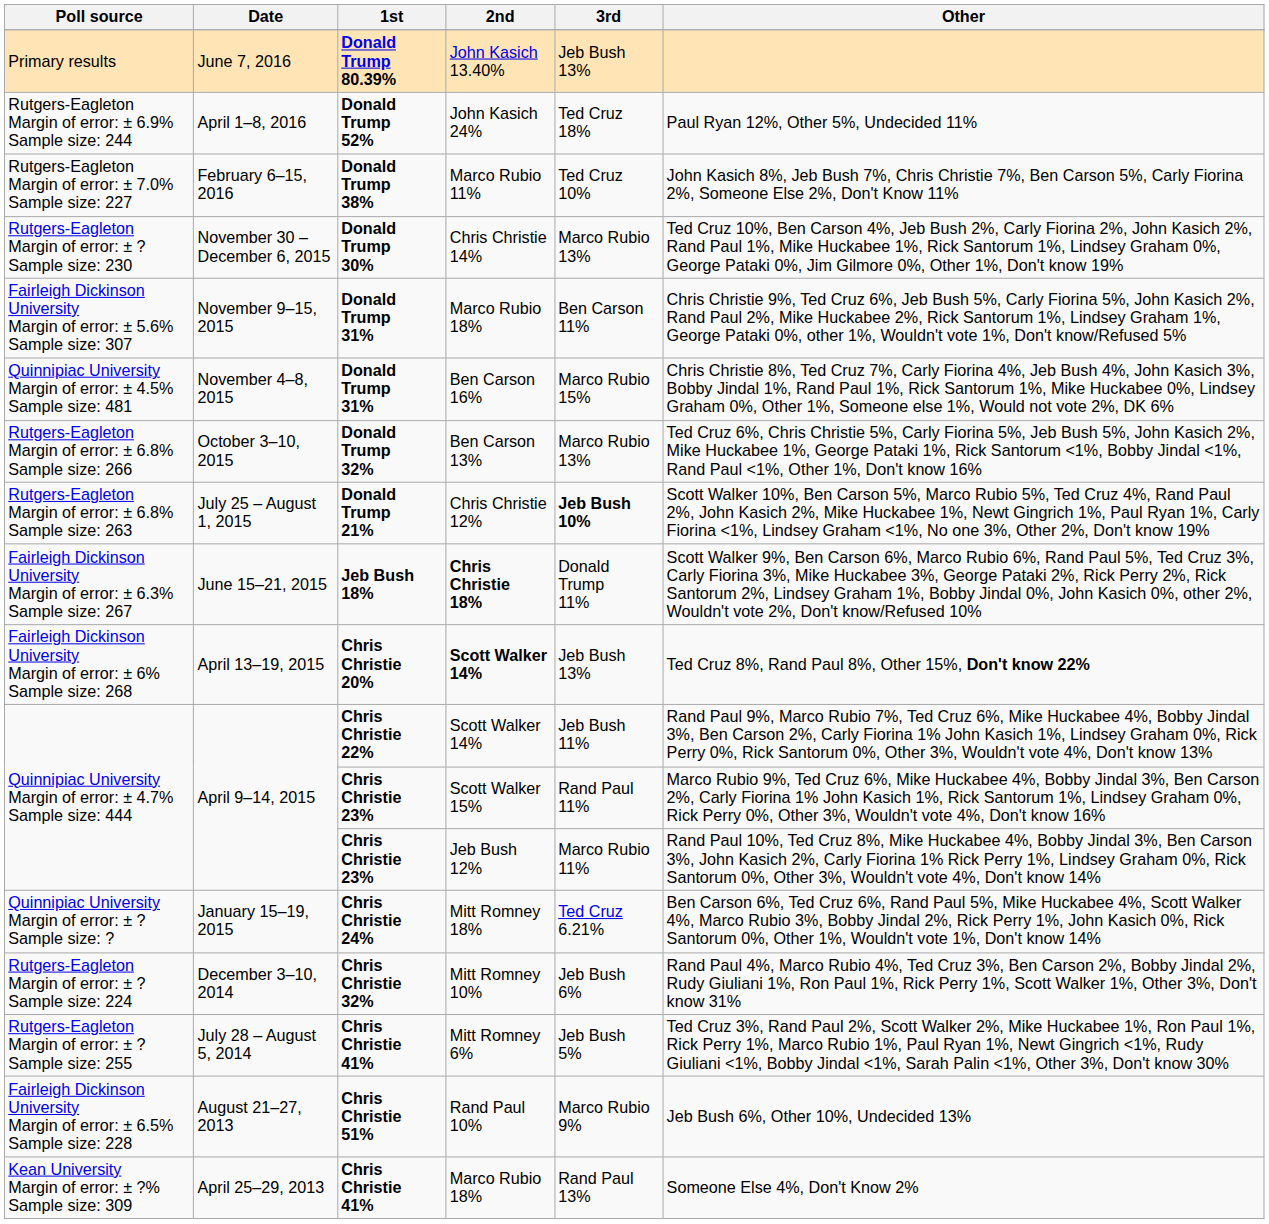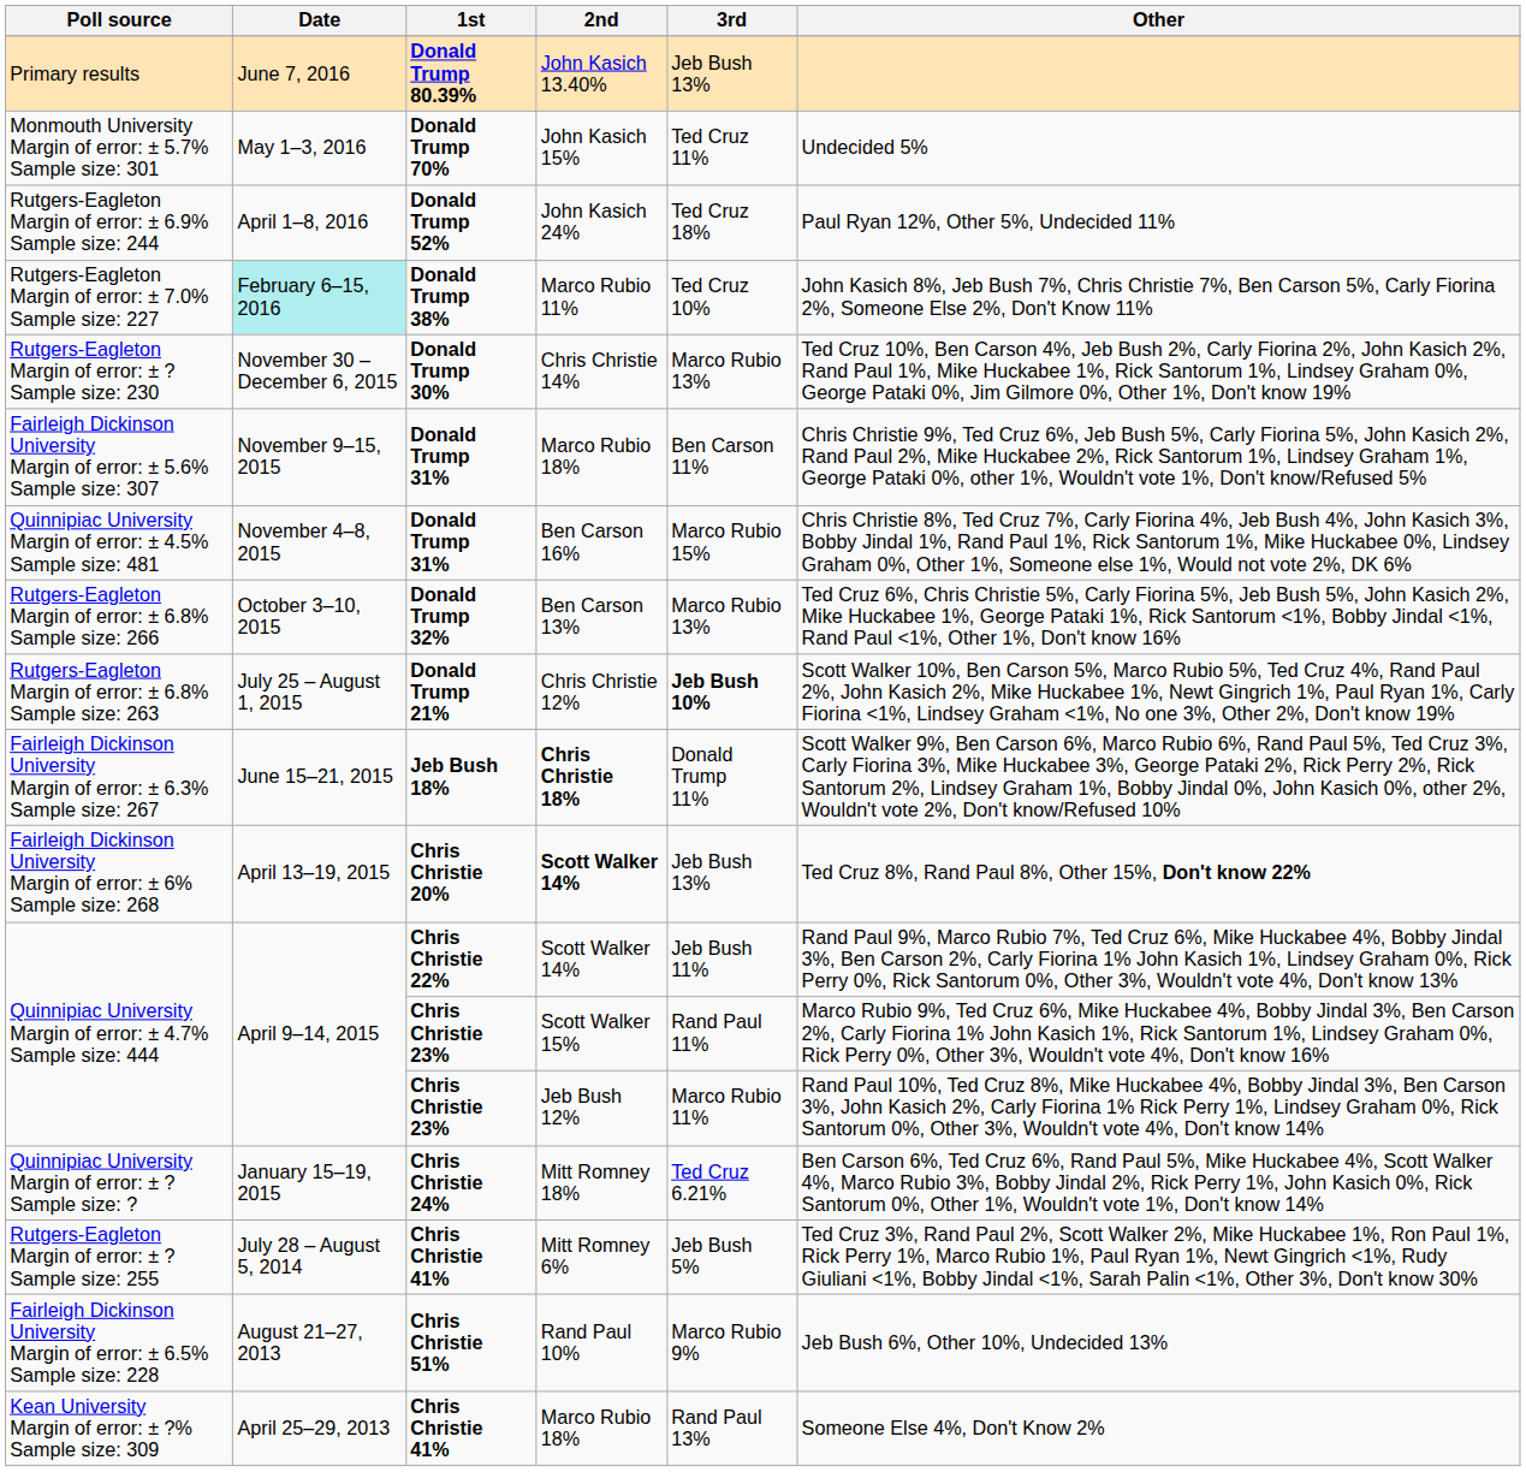 <table class="wikitable">
 <tr>
 <th style="width:180px;">Poll source</th>
 <th style="width:135px;">Date</th>
 <th style="width:100px;">1st</th>
 <th style="width:100px;">2nd</th>
 <th style="width:100px;">3rd</th>
 <th>Other</th>
 </tr>
 <tr>
 </tr>
 <tr style="background:Moccasin;">
 <td>Primary results</td>
 <td>June 7, 2016</td>
 <td><strong><a href='#'>Donald Trump</a><br>80.39%</strong></td>
 <td><a href='#'>John Kasich</a><br>13.40%</td>
 <td>Jeb Bush<br>13%</td>
 <td></td>
 </tr>
 <tr>
+<td>Monmouth University<br>Margin of error: ± 5.7% <br>Sample size: 301</td>
+<td>May 1–3, 2016</td>
+<td><strong>Donald Trump<br>70%</strong></td>
+<td>John Kasich<br>15%</td>
+<td>Ted Cruz<br>11%</td>
+<td>Undecided 5%</td>
+</tr>
+<tr>
 <td>Rutgers-Eagleton<br>Margin of error: ± 6.9% <br>Sample size: 244</td>
 <td>April 1–8, 2016</td>
 <td><strong>Donald Trump<br>52%</strong></td>
 <td>John Kasich<br>24%</td>
 <td>Ted Cruz<br>18%</td>
 <td>Paul Ryan 12%, Other 5%, Undecided 11%</td>
 </tr>
 <tr>
 <td>Rutgers-Eagleton<br>Margin of error: ± 7.0% <br>Sample size: 227</td>
-<td>February 6–15, 2016</td>
+<td style="background: paleturquoise;">February 6–15, 2016</td>
 <td><strong>Donald Trump<br>38%</strong></td>
 <td>Marco Rubio<br>11%</td>
 <td>Ted Cruz<br>10%</td>
 <td>John Kasich 8%, Jeb Bush 7%, Chris Christie 7%, Ben Carson 5%, Carly Fiorina 2%, Someone Else 2%, Don't Know 11%</td>
 </tr>
 <tr>
 <td><a href='#'>Rutgers-Eagleton</a><br>Margin of error: ± ? <br>Sample size: 230</td>
 <td>November 30 – December 6, 2015</td>
 <td><strong>Donald Trump<br>30%</strong></td>
 <td>Chris Christie<br>14%</td>
 <td>Marco Rubio<br>13%</td>
 <td>Ted Cruz 10%, Ben Carson 4%, Jeb Bush 2%, Carly Fiorina 2%, John Kasich 2%, Rand Paul 1%, Mike Huckabee 1%, Rick Santorum 1%, Lindsey Graham 0%, George Pataki 0%, Jim Gilmore 0%, Other 1%, Don't know 19%</td>
 </tr>
 <tr>
 <td><a href='#'>Fairleigh Dickinson University</a><br>Margin of error: ± 5.6% <br>Sample size: 307</td>
 <td>November 9–15, 2015</td>
 <td><strong>Donald Trump<br>31%</strong></td>
 <td>Marco Rubio<br>18%</td>
 <td>Ben Carson<br>11%</td>
 <td>Chris Christie 9%, Ted Cruz 6%, Jeb Bush 5%, Carly Fiorina 5%, John Kasich 2%, Rand Paul 2%, Mike Huckabee 2%, Rick Santorum 1%, Lindsey Graham 1%, George Pataki 0%, other 1%, Wouldn't vote 1%, Don't know/Refused 5%</td>
 </tr>
 <tr>
 <td><a href='#'>Quinnipiac University</a><br>Margin of error: ± 4.5% <br>Sample size: 481</td>
 <td>November 4–8, 2015</td>
 <td><strong>Donald Trump<br>31%</strong></td>
 <td>Ben Carson<br>16%</td>
 <td>Marco Rubio <br>15%</td>
 <td>Chris Christie 8%, Ted Cruz 7%, Carly Fiorina 4%, Jeb Bush 4%, John Kasich 3%, Bobby Jindal 1%,  Rand Paul 1%, Rick Santorum 1%, Mike Huckabee 0%, Lindsey Graham 0%, Other 1%, Someone else 1%, Would not vote 2%, DK 6%</td>
 </tr>
 <tr>
 <td><a href='#'>Rutgers-Eagleton</a><br>Margin of error: ± 6.8% <br>Sample size: 266</td>
 <td>October 3–10, 2015</td>
 <td><strong>Donald Trump<br>32%</strong></td>
 <td>Ben Carson<br>13%</td>
 <td>Marco Rubio <br>13%</td>
 <td>Ted Cruz 6%, Chris Christie 5%, Carly Fiorina 5%, Jeb Bush 5%, John Kasich 2%, Mike Huckabee 1%, George Pataki 1%, Rick Santorum <1%, Bobby Jindal <1%,  Rand Paul <1%, Other 1%, Don't know 16%</td>
 </tr>
 <tr>
 <td><a href='#'>Rutgers-Eagleton</a><br>Margin of error: ± 6.8% <br>Sample size: 263</td>
 <td>July 25 – August 1, 2015</td>
 <td><strong>Donald Trump<br>21%</strong></td>
 <td>Chris Christie<br>12%</td>
 <td><strong>Jeb Bush <br>10%</strong></td>
 <td>Scott Walker 10%, Ben Carson 5%, Marco Rubio 5%, Ted Cruz 4%, Rand Paul 2%, John Kasich 2%, Mike Huckabee 1%, Newt Gingrich 1%, Paul Ryan 1%, Carly Fiorina <1%,     Lindsey Graham <1%, No one 3%, Other 2%, Don't know 19%</td>
 </tr>
 <tr>
 <td><a href='#'>Fairleigh Dickinson University</a><br>Margin of error: ± 6.3% <br>Sample size: 267</td>
 <td>June 15–21, 2015</td>
 <td><strong>Jeb Bush<br>18%</strong></td>
 <td><strong>Chris Christie<br>18%</strong></td>
 <td>Donald Trump<br>11%</td>
 <td>Scott Walker 9%, Ben Carson 6%, Marco Rubio 6%, Rand Paul 5%, Ted Cruz 3%, Carly Fiorina 3%, Mike Huckabee 3%, George Pataki 2%, Rick Perry 2%, Rick Santorum 2%, Lindsey Graham 1%, Bobby Jindal 0%, John Kasich 0%, other 2%, Wouldn't vote 2%, Don't know/Refused 10%</td>
 </tr>
 <tr>
 <td><a href='#'>Fairleigh Dickinson University</a><br>Margin of error: ± 6% <br>Sample size: 268</td>
 <td>April 13–19, 2015</td>
 <td><strong>Chris Christie<br>20%</strong></td>
 <td><strong>Scott Walker<br>14%</strong></td>
 <td>Jeb Bush<br>13%</td>
 <td>Ted Cruz 8%, Rand Paul 8%, Other 15%, <span><strong>Don't know 22%</strong></span></td>
 </tr>
 <tr>
 <td rowspan=3><a href='#'>Quinnipiac University</a><br>Margin of error: ± 4.7% <br>Sample size: 444</td>
 <td rowspan=3>April 9–14, 2015</td>
 <td><strong>Chris Christie<br>22%</strong></td>
 <td>Scott Walker<br>14%</td>
 <td>Jeb Bush<br>11%</td>
 <td>Rand Paul 9%, Marco Rubio 7%, Ted Cruz 6%, Mike Huckabee 4%, Bobby Jindal 3%, Ben Carson 2%, Carly Fiorina 1% John Kasich 1%, Lindsey Graham 0%, Rick Perry 0%, Rick Santorum 0%, Other 3%, Wouldn't vote 4%, Don't know 13%</td>
 </tr>
 <tr>
 <td><strong>Chris Christie<br>23%</strong></td>
 <td>Scott Walker<br>15%</td>
 <td>Rand Paul<br>11%</td>
 <td>Marco Rubio 9%, Ted Cruz 6%, Mike Huckabee 4%, Bobby Jindal 3%, Ben Carson 2%, Carly Fiorina 1% John Kasich 1%, Rick Santorum 1%, Lindsey Graham 0%, Rick Perry 0%, Other 3%, Wouldn't vote 4%, Don't know 16%</td>
 </tr>
 <tr>
 <td><strong>Chris Christie<br>23%</strong></td>
 <td>Jeb Bush<br>12%</td>
 <td>Marco Rubio<br>11%</td>
 <td>Rand Paul 10%, Ted Cruz 8%, Mike Huckabee 4%, Bobby Jindal 3%, Ben Carson 3%, John Kasich 2%, Carly Fiorina 1% Rick Perry 1%, Lindsey Graham 0%, Rick Santorum 0%, Other 3%, Wouldn't vote 4%, Don't know 14%</td>
 </tr>
 <tr>
 <td><a href='#'>Quinnipiac University</a><br>Margin of error: ± ? <br>Sample size: ?</td>
 <td>January 15–19, 2015</td>
 <td><strong>Chris Christie<br>24%</strong></td>
 <td>Mitt Romney<br>18%</td>
 <td><a href='#'>Ted Cruz</a><br>6.21%</td>
 <td>Ben Carson 6%, Ted Cruz 6%, Rand Paul 5%, Mike Huckabee 4%, Scott Walker 4%, Marco Rubio 3%, Bobby Jindal 2%, Rick Perry 1%, John Kasich 0%, Rick Santorum 0%, Other 1%, Wouldn't vote 1%, Don't know 14%</td>
 </tr>
 <tr>
-<td><a href='#'>Rutgers-Eagleton</a><br>Margin of error: ± ? <br>Sample size: 224</td>
-<td>December 3–10, 2014</td>
-<td><strong>Chris Christie<br>32%</strong></td>
-<td>Mitt Romney<br>10%</td>
-<td>Jeb Bush<br>6%</td>
-<td>Rand Paul 4%, Marco Rubio 4%, Ted Cruz 3%, Ben Carson 2%, Bobby Jindal 2%, Rudy Giuliani 1%, Ron Paul 1%, Rick Perry 1%, Scott Walker 1%, Other 3%, Don't know 31%</td>
-</tr>
-<tr>
 <td><a href='#'>Rutgers-Eagleton</a><br>Margin of error: ± ? <br>Sample size: 255</td>
 <td>July 28 – August 5, 2014</td>
 <td><strong>Chris Christie<br>41%</strong></td>
 <td>Mitt Romney<br>6%</td>
 <td>Jeb Bush<br>5%</td>
 <td>Ted Cruz 3%, Rand Paul 2%, Scott Walker 2%, Mike Huckabee 1%, Ron Paul 1%, Rick Perry 1%, Marco Rubio 1%, Paul Ryan 1%, Newt Gingrich <1%, Rudy Giuliani <1%, Bobby Jindal <1%, Sarah Palin <1%, Other 3%, Don't know 30%</td>
 </tr>
 <tr>
 <td><a href='#'>Fairleigh Dickinson University</a><br>Margin of error: ± 6.5% <br>Sample size: 228</td>
 <td>August 21–27, 2013</td>
 <td><strong>Chris Christie<br>51%</strong></td>
 <td>Rand Paul<br>10%</td>
 <td>Marco Rubio<br>9%</td>
 <td>Jeb Bush 6%, Other 10%, Undecided 13%</td>
 </tr>
 <tr>
 <td><a href='#'>Kean University</a><br>Margin of error: ± ?% <br>Sample size: 309</td>
 <td>April 25–29, 2013</td>
 <td><strong>Chris Christie<br>41%</strong></td>
 <td>Marco Rubio<br>18%</td>
 <td>Rand Paul<br>13%</td>
 <td>Someone Else 4%, Don't Know 2%</td>
 </tr>
 </table>
